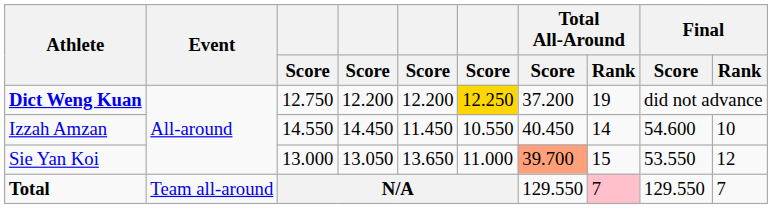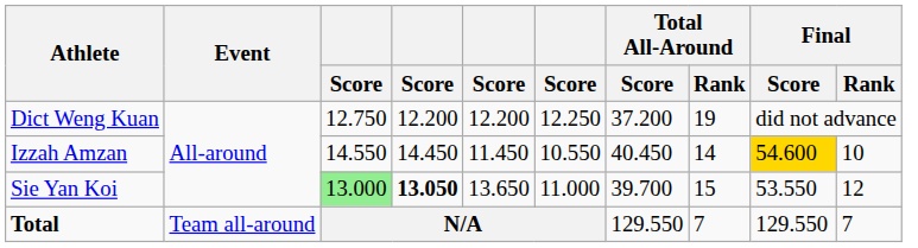 <table class="wikitable">
 <tr>
 <th rowspan="2">Athlete</th>
 <th rowspan="2">Event</th>
 <th></th>
 <th></th>
 <th></th>
 <th></th>
 <th colspan="2">Total<br>All-Around</th>
 <th colspan="2">Final</th>
 </tr>
 <tr>
 <th>Score</th>
 <th>Score</th>
 <th>Score</th>
 <th>Score</th>
 <th>Score</th>
 <th>Rank</th>
 <th>Score</th>
 <th>Rank</th>
 </tr>
 <tr>
-<td><strong><a href='#'>Dict Weng Kuan</a></strong></td>
+<td><a href='#'>Dict Weng Kuan</a></td>
 <td rowspan="3"><a href='#'>All-around</a></td>
 <td>12.750</td>
 <td>12.200</td>
 <td>12.200</td>
-<td style="background: gold;">12.250</td>
+<td>12.250</td>
 <td>37.200</td>
 <td>19</td>
 <td colspan="2">did not advance</td>
 </tr>
 <tr>
 <td><a href='#'>Izzah Amzan</a></td>
 <td>14.550</td>
 <td>14.450</td>
 <td>11.450</td>
 <td>10.550</td>
 <td>40.450</td>
 <td>14 <strong></strong></td>
-<td>54.600</td>
+<td style="background: gold;">54.600</td>
 <td>10</td>
 </tr>
 <tr>
 <td><a href='#'>Sie Yan Koi</a></td>
-<td>13.000</td>
-<td>13.050</td>
+<td style="background: lightgreen;">13.000</td>
+<td><strong>13.050</strong></td>
 <td>13.650</td>
 <td>11.000</td>
-<td style="background: lightsalmon;">39.700</td>
+<td>39.700</td>
 <td>15 <strong></strong></td>
 <td>53.550</td>
 <td>12</td>
 </tr>
 <tr>
 <td><strong>Total</strong></td>
 <td><a href='#'>Team all-around</a></td>
 <th colspan="4">N/A</th>
 <td>129.550</td>
-<td style="background: pink;">7</td>
+<td>7</td>
 <td>129.550</td>
 <td>7</td>
 </tr>
 </table>
